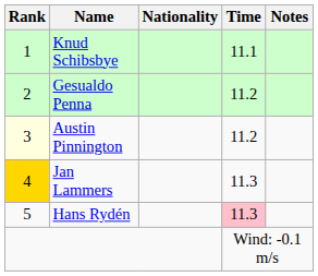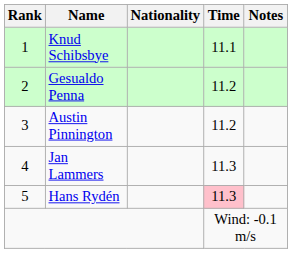 <table class="wikitable sortable" style="text-align:center;width: 50%">
 <tr>
 <th>Rank</th>
 <th>Name</th>
 <th>Nationality</th>
 <th>Time</th>
 <th>Notes</th>
 </tr>
 <tr bgcolor=ccffcc>
 <td>1</td>
 <td align=left><a href='#'>Knud Schibsbye</a></td>
 <td align=left></td>
 <td>11.1</td>
 <td></td>
 </tr>
 <tr bgcolor=ccffcc>
 <td>2</td>
 <td align=left><a href='#'>Gesualdo Penna</a></td>
 <td align=left></td>
 <td>11.2</td>
 <td></td>
 </tr>
 <tr>
-<td style="background: lightyellow;">3</td>
+<td>3</td>
 <td align=left><a href='#'>Austin Pinnington</a></td>
 <td align=left></td>
 <td>11.2</td>
 <td></td>
 </tr>
 <tr>
-<td style="background: gold;">4</td>
+<td>4</td>
 <td align=left><a href='#'>Jan Lammers</a></td>
 <td align=left></td>
 <td>11.3</td>
 <td></td>
 </tr>
 <tr>
 <td>5</td>
 <td align=left><a href='#'>Hans Rydén</a></td>
 <td align=left></td>
 <td style="background: pink;">11.3</td>
 <td></td>
 </tr>
 <tr>
 <td colspan="3"></td>
 <td colspan="2">Wind: -0.1 m/s</td>
 </tr>
 </table>
